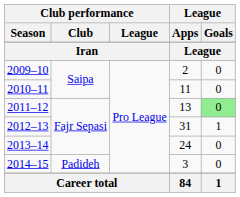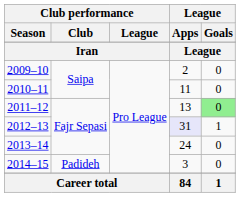 <table class="wikitable" style="text-align:center">
 <tr>
 <th colspan=3>Club performance</th>
 <th colspan=2>League</th>
 </tr>
 <tr>
 <th>Season</th>
 <th>Club</th>
 <th>League</th>
 <th>Apps</th>
 <th>Goals</th>
 </tr>
 <tr>
 </tr>
 <tr>
 <th colspan=3>Iran</th>
 <th colspan=2>League</th>
 </tr>
 <tr>
 <td><a href='#'>2009–10</a></td>
 <td rowspan="2"><a href='#'>Saipa</a></td>
 <td rowspan="6"><a href='#'>Pro League</a></td>
 <td>2</td>
 <td>0</td>
 </tr>
 <tr>
 <td><a href='#'>2010–11</a></td>
 <td>11</td>
 <td>0</td>
 </tr>
 <tr>
 <td><a href='#'>2011–12</a></td>
 <td rowspan="3"><a href='#'>Fajr Sepasi</a></td>
 <td>13</td>
 <td style="background: lightgreen;">0</td>
 </tr>
 <tr>
 <td><a href='#'>2012–13</a></td>
-<td>31</td>
+<td style="background: lavender;">31</td>
 <td>1</td>
 </tr>
 <tr>
 <td><a href='#'>2013–14</a></td>
 <td>24</td>
 <td>0</td>
 </tr>
 <tr>
 <td><a href='#'>2014–15</a></td>
 <td rowspan="1"><a href='#'>Padideh</a></td>
 <td>3</td>
 <td>0</td>
 </tr>
 <tr>
 </tr>
 <tr>
 <th colspan=3>Career total</th>
 <th>84</th>
 <th>1</th>
 </tr>
 </table>
